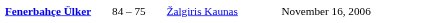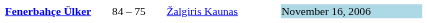 <table style="text-align:center">
 <tr>
 <th width=160></th>
 <th width=100></th>
 <th width=160></th>
 <th width=200></th>
 </tr>
 <tr>
 <td align=right><strong><a href='#'>Fenerbahçe Ülker</a></strong> </td>
 <td>84 – 75</td>
 <td align=left> <a href='#'>Žalgiris Kaunas</a></td>
-<td align=left>November 16, 2006</td>
+<td align=left style="background: lightblue;">November 16, 2006</td>
 </tr>
 </table>
